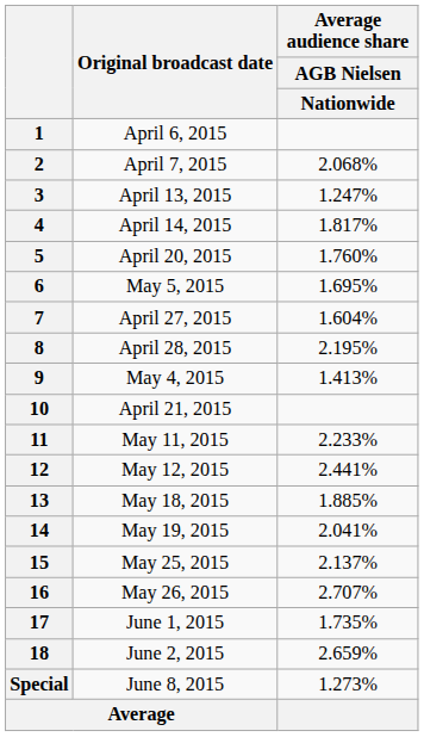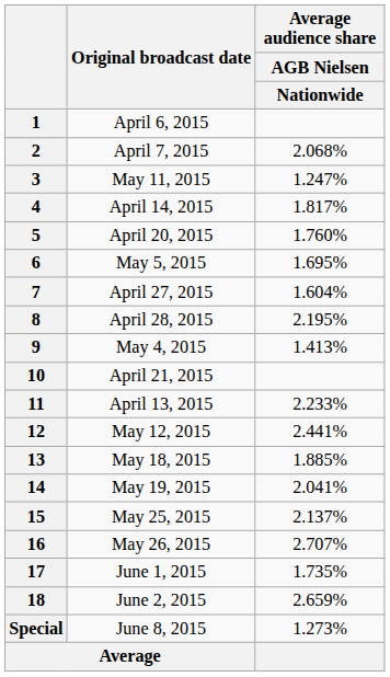 <table class="wikitable" style="text-align:center">
 <tr>
 <th rowspan="3"></th>
 <th rowspan="3">Original broadcast date</th>
 <th colspan="1">Average audience share</th>
 </tr>
 <tr>
 <th colspan="1">AGB Nielsen</th>
 </tr>
 <tr>
 <th width="110">Nationwide</th>
 </tr>
 <tr>
 <th>1</th>
 <td>April 6, 2015</td>
 <td></td>
 </tr>
 <tr>
 <th>2</th>
 <td>April 7, 2015</td>
 <td>2.068%</td>
 </tr>
 <tr>
 <th>3</th>
-<td>April 13, 2015</td>
+<td>May 11, 2015</td>
 <td>1.247%</td>
 </tr>
 <tr>
 <th>4</th>
 <td>April 14, 2015</td>
 <td>1.817%</td>
 </tr>
 <tr>
 <th>5</th>
 <td>April 20, 2015</td>
 <td>1.760%</td>
 </tr>
 <tr>
 <th>6</th>
 <td>May 5, 2015</td>
 <td>1.695%</td>
 </tr>
 <tr>
 <th>7</th>
 <td>April 27, 2015</td>
 <td>1.604%</td>
 </tr>
 <tr>
 <th>8</th>
 <td>April 28, 2015</td>
 <td>2.195%</td>
 </tr>
 <tr>
 <th>9</th>
 <td>May 4, 2015</td>
 <td>1.413%</td>
 </tr>
 <tr>
 <th>10</th>
 <td>April 21, 2015</td>
 <td></td>
 </tr>
 <tr>
 <th>11</th>
-<td>May 11, 2015</td>
+<td>April 13, 2015</td>
 <td>2.233%</td>
 </tr>
 <tr>
 <th>12</th>
 <td>May 12, 2015</td>
 <td>2.441%</td>
 </tr>
 <tr>
 <th>13</th>
 <td>May 18, 2015</td>
 <td>1.885%</td>
 </tr>
 <tr>
 <th>14</th>
 <td>May 19, 2015</td>
 <td>2.041%</td>
 </tr>
 <tr>
 <th>15</th>
 <td>May 25, 2015</td>
 <td>2.137%</td>
 </tr>
 <tr>
 <th>16</th>
 <td>May 26, 2015</td>
 <td>2.707%</td>
 </tr>
 <tr>
 <th>17</th>
 <td>June 1, 2015</td>
 <td>1.735%</td>
 </tr>
 <tr>
 <th>18</th>
 <td>June 2, 2015</td>
 <td>2.659%</td>
 </tr>
 <tr>
 <th>Special</th>
 <td>June 8, 2015</td>
 <td>1.273%</td>
 </tr>
 <tr>
 <th colspan="2">Average</th>
 <th></th>
 </tr>
 </table>
